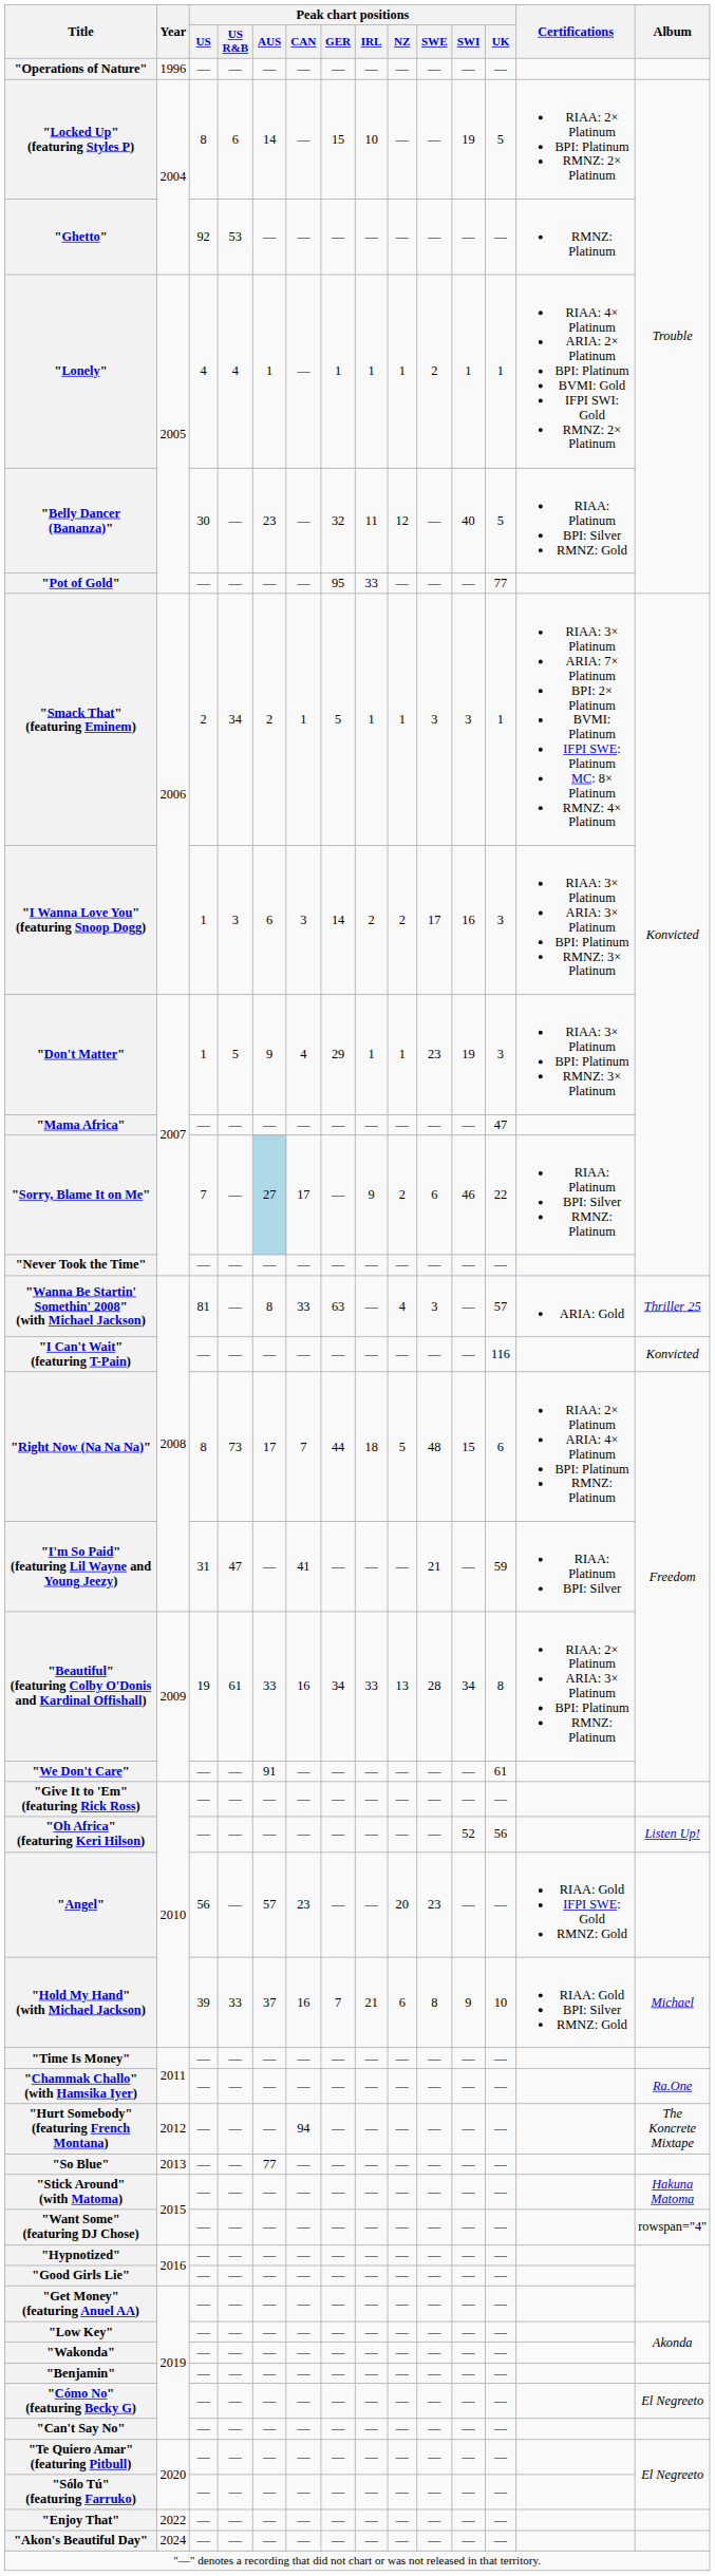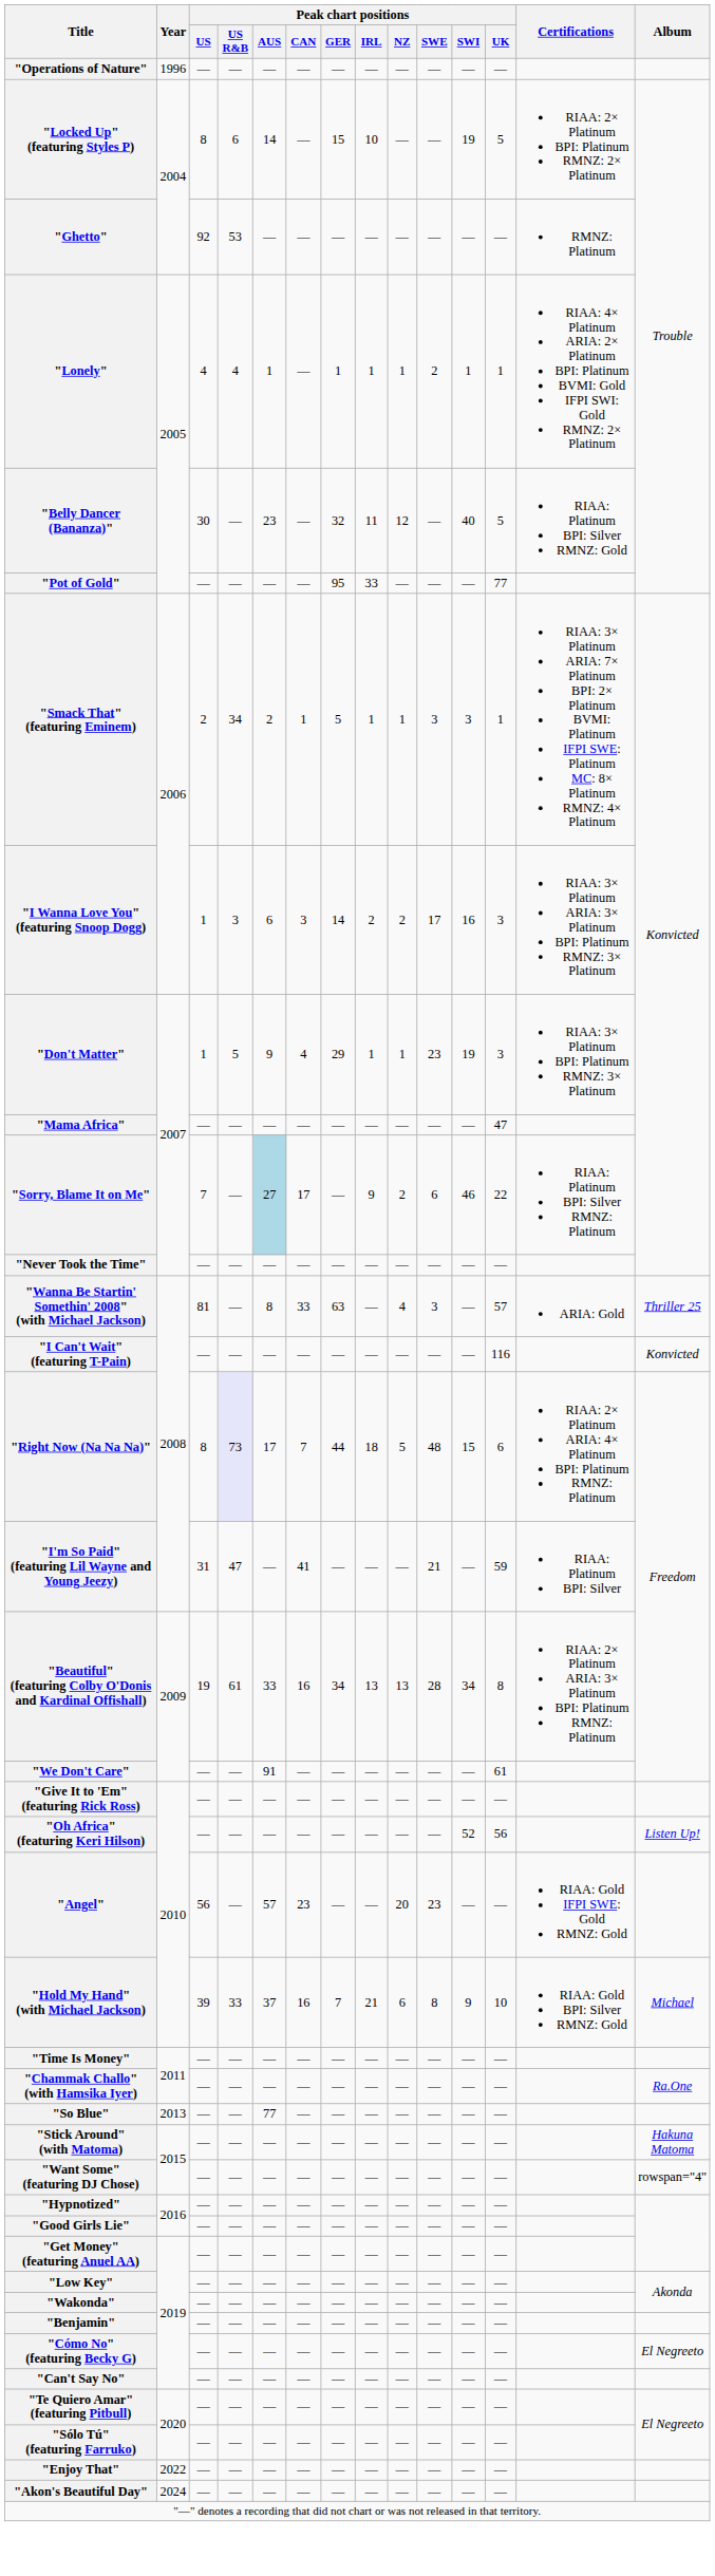 <table class="wikitable plainrowheaders" style="text-align:center;">
 <tr>
 <th scope="col" rowspan="2" style="width:18em;">Title</th>
 <th scope="col" rowspan="2">Year</th>
 <th scope="col" colspan="10">Peak chart positions</th>
 <th scope="col" rowspan="2" style="width:12em;"><a href='#'>Certifications</a></th>
 <th scope="col" rowspan="2">Album</th>
 </tr>
 <tr>
 <th scope="col" style="width:2.9em;font-size:90%;"><a href='#'>US</a><br></th>
 <th scope="col" style="width:2.9em;font-size:90%;"><a href='#'>US<br>R&B</a><br></th>
 <th scope="col" style="width:2.9em;font-size:90%;"><a href='#'>AUS</a><br></th>
 <th scope="col" style="width:2.9em;font-size:90%;"><a href='#'>CAN</a><br></th>
 <th scope="col" style="width:2.9em;font-size:90%;"><a href='#'>GER</a><br></th>
 <th scope="col" style="width:2.9em;font-size:90%;"><a href='#'>IRL</a><br></th>
 <th scope="col" style="width:2.9em;font-size:90%;"><a href='#'>NZ</a><br></th>
 <th scope="col" style="width:2.9em;font-size:90%;"><a href='#'>SWE</a><br></th>
 <th scope="col" style="width:2.9em;font-size:90%;"><a href='#'>SWI</a><br></th>
 <th scope="col" style="width:2.9em;font-size:90%;"><a href='#'>UK</a><br></th>
 </tr>
 <tr>
 <th scope="row">"Operations of Nature"<br></th>
 <td>1996</td>
 <td>—</td>
 <td>—</td>
 <td>—</td>
 <td>—</td>
 <td>—</td>
 <td>—</td>
 <td>—</td>
 <td>—</td>
 <td>—</td>
 <td>—</td>
 <td></td>
 <td></td>
 </tr>
 <tr>
 <th scope="row">"<a href='#'>Locked Up</a>"<br><span>(featuring <a href='#'>Styles P</a>)</span></th>
 <td rowspan="2">2004</td>
 <td>8</td>
 <td>6</td>
 <td>14</td>
 <td>—</td>
 <td>15</td>
 <td>10</td>
 <td>—</td>
 <td>—</td>
 <td>19</td>
 <td>5</td>
 <td><br><ul><li>RIAA: 2× Platinum</li><li>BPI: Platinum</li><li>RMNZ: 2× Platinum</li></ul></td>
 <td rowspan="5"><em>Trouble</em></td>
 </tr>
 <tr>
 <th scope="row">"<a href='#'>Ghetto</a>"</th>
 <td>92</td>
 <td>53</td>
 <td>—</td>
 <td>—</td>
 <td>—</td>
 <td>—</td>
 <td>—</td>
 <td>—</td>
 <td>—</td>
 <td>—</td>
 <td><br><ul><li>RMNZ: Platinum</li></ul></td>
 </tr>
 <tr>
 <th scope="row">"<a href='#'>Lonely</a>"</th>
 <td rowspan="3">2005</td>
 <td>4</td>
 <td>4</td>
 <td>1</td>
 <td>—</td>
 <td>1</td>
 <td>1</td>
 <td>1</td>
 <td>2</td>
 <td>1</td>
 <td>1</td>
 <td><br><ul><li>RIAA: 4× Platinum</li><li>ARIA: 2× Platinum</li><li>BPI: Platinum</li><li>BVMI: Gold</li><li>IFPI SWI: Gold</li><li>RMNZ: 2× Platinum</li></ul></td>
 </tr>
 <tr>
 <th scope="row">"<a href='#'>Belly Dancer (Bananza)</a>"</th>
 <td>30</td>
 <td>—</td>
 <td>23</td>
 <td>—</td>
 <td>32</td>
 <td>11</td>
 <td>12</td>
 <td>—</td>
 <td>40</td>
 <td>5</td>
 <td><br><ul><li>RIAA: Platinum</li><li>BPI: Silver</li><li>RMNZ: Gold</li></ul></td>
 </tr>
 <tr>
 <th scope="row">"<a href='#'>Pot of Gold</a>"</th>
 <td>—</td>
 <td>—</td>
 <td>—</td>
 <td>—</td>
 <td>95</td>
 <td>33</td>
 <td>—</td>
 <td>—</td>
 <td>—</td>
 <td>77</td>
 <td></td>
 </tr>
 <tr>
 <th scope="row">"<a href='#'>Smack That</a>"<br><span>(featuring <a href='#'>Eminem</a>)</span></th>
 <td rowspan="2">2006</td>
 <td>2</td>
 <td>34</td>
 <td>2</td>
 <td>1</td>
 <td>5</td>
 <td>1</td>
 <td>1</td>
 <td>3</td>
 <td>3</td>
 <td>1</td>
 <td><br><ul><li>RIAA: 3× Platinum</li><li>ARIA: 7× Platinum</li><li>BPI: 2× Platinum</li><li>BVMI: Platinum</li><li><a href='#'>IFPI SWE</a>: Platinum</li><li><a href='#'>MC</a>: 8× Platinum</li><li>RMNZ: 4× Platinum</li></ul></td>
 <td rowspan="6"><em>Konvicted</em></td>
 </tr>
 <tr>
 <th scope="row">"<a href='#'>I Wanna Love You</a>"<br><span>(featuring <a href='#'>Snoop Dogg</a>)</span></th>
 <td>1</td>
 <td>3</td>
 <td>6</td>
 <td>3</td>
 <td>14</td>
 <td>2</td>
 <td>2</td>
 <td>17</td>
 <td>16</td>
 <td>3</td>
 <td><br><ul><li>RIAA: 3× Platinum</li><li>ARIA: 3× Platinum</li><li>BPI: Platinum</li><li>RMNZ: 3× Platinum</li></ul></td>
 </tr>
 <tr>
 <th scope="row">"<a href='#'>Don't Matter</a>"</th>
 <td rowspan="4">2007</td>
 <td>1</td>
 <td>5</td>
 <td>9</td>
 <td>4</td>
 <td>29</td>
 <td>1</td>
 <td>1</td>
 <td>23</td>
 <td>19</td>
 <td>3</td>
 <td><br><ul><li>RIAA: 3× Platinum</li><li>BPI: Platinum</li><li>RMNZ: 3× Platinum</li></ul></td>
 </tr>
 <tr>
 <th scope="row">"<a href='#'>Mama Africa</a>"</th>
 <td>—</td>
 <td>—</td>
 <td>—</td>
 <td>—</td>
 <td>—</td>
 <td>—</td>
 <td>—</td>
 <td>—</td>
 <td>—</td>
 <td>47</td>
 <td></td>
 </tr>
 <tr>
 <th scope="row">"<a href='#'>Sorry, Blame It on Me</a>"</th>
 <td>7</td>
 <td>—</td>
 <td style="background: lightblue;">27</td>
 <td>17</td>
 <td>—</td>
 <td>9</td>
 <td>2</td>
 <td>6</td>
 <td>46</td>
 <td>22</td>
 <td><br><ul><li>RIAA: Platinum</li><li>BPI: Silver</li><li>RMNZ: Platinum</li></ul></td>
 </tr>
 <tr>
 <th scope="row">"Never Took the Time"</th>
 <td>—</td>
 <td>—</td>
 <td>—</td>
 <td>—</td>
 <td>—</td>
 <td>—</td>
 <td>—</td>
 <td>—</td>
 <td>—</td>
 <td>—</td>
 <td></td>
 </tr>
 <tr>
 <th scope="row">"<a href='#'>Wanna Be Startin' Somethin' 2008</a>"<br><span>(with <a href='#'>Michael Jackson</a>)</span></th>
 <td rowspan="4">2008</td>
 <td>81</td>
 <td>—</td>
 <td>8</td>
 <td>33</td>
 <td>63</td>
 <td>—</td>
 <td>4</td>
 <td>3</td>
 <td>—</td>
 <td>57</td>
 <td><br><ul><li>ARIA: Gold</li></ul></td>
 <td><em><a href='#'>Thriller 25</a></em></td>
 </tr>
 <tr>
 <th scope="row">"<a href='#'>I Can't Wait</a>"<br><span>(featuring <a href='#'>T-Pain</a>)</span></th>
 <td>—</td>
 <td>—</td>
 <td>—</td>
 <td>—</td>
 <td>—</td>
 <td>—</td>
 <td>—</td>
 <td>—</td>
 <td>—</td>
 <td>116</td>
 <td></td>
 <td><em>Konvicted</em></td>
 </tr>
 <tr>
 <th scope="row">"<a href='#'>Right Now (Na Na Na)</a>"</th>
 <td>8</td>
-<td>73</td>
+<td style="background: lavender;">73</td>
 <td>17</td>
 <td>7</td>
 <td>44</td>
 <td>18</td>
 <td>5</td>
 <td>48</td>
 <td>15</td>
 <td>6</td>
 <td><br><ul><li>RIAA: 2× Platinum</li><li>ARIA: 4× Platinum</li><li>BPI: Platinum</li><li>RMNZ: Platinum</li></ul></td>
 <td rowspan="4"><em>Freedom</em></td>
 </tr>
 <tr>
 <th scope="row">"<a href='#'>I'm So Paid</a>"<br><span>(featuring <a href='#'>Lil Wayne</a> and <a href='#'>Young Jeezy</a>)</span></th>
 <td>31</td>
 <td>47</td>
 <td>—</td>
 <td>41</td>
 <td>—</td>
 <td>—</td>
 <td>—</td>
 <td>21</td>
 <td>—</td>
 <td>59</td>
 <td><br><ul><li>RIAA: Platinum</li><li>BPI: Silver</li></ul></td>
 </tr>
 <tr>
 <th scope="row">"<a href='#'>Beautiful</a>"<br><span>(featuring <a href='#'>Colby O'Donis</a> and <a href='#'>Kardinal Offishall</a>)</span></th>
 <td rowspan="2">2009</td>
 <td>19</td>
 <td>61</td>
 <td>33</td>
 <td>16</td>
 <td>34</td>
-<td>33</td>
+<td>13</td>
 <td>13</td>
 <td>28</td>
 <td>34</td>
 <td>8</td>
 <td><br><ul><li>RIAA: 2× Platinum</li><li>ARIA: 3× Platinum</li><li>BPI: Platinum</li><li>RMNZ: Platinum</li></ul></td>
 </tr>
 <tr>
 <th scope="row">"<a href='#'>We Don't Care</a>"</th>
 <td>—</td>
 <td>—</td>
 <td>91</td>
 <td>—</td>
 <td>—</td>
 <td>—</td>
 <td>—</td>
 <td>—</td>
 <td>—</td>
 <td>61</td>
 </tr>
 <tr>
 <th scope="row">"Give It to 'Em"<br><span>(featuring <a href='#'>Rick Ross</a>)</span></th>
 <td rowspan="4">2010</td>
 <td>—</td>
 <td>—</td>
 <td>—</td>
 <td>—</td>
 <td>—</td>
 <td>—</td>
 <td>—</td>
 <td>—</td>
 <td>—</td>
 <td>—</td>
 <td></td>
 <td></td>
 </tr>
 <tr>
 <th scope="row">"<a href='#'>Oh Africa</a>"<br><span>(featuring <a href='#'>Keri Hilson</a>)</span></th>
 <td>—</td>
 <td>—</td>
 <td>—</td>
 <td>—</td>
 <td>—</td>
 <td>—</td>
 <td>—</td>
 <td>—</td>
 <td>52</td>
 <td>56</td>
 <td></td>
 <td><em><a href='#'>Listen Up!</a></em></td>
 </tr>
 <tr>
 <th scope="row">"<a href='#'>Angel</a>"</th>
 <td>56</td>
 <td>—</td>
 <td>57</td>
 <td>23</td>
 <td>—</td>
 <td>—</td>
 <td>20</td>
 <td>23</td>
 <td>—</td>
 <td>—</td>
 <td><br><ul><li>RIAA: Gold</li><li><a href='#'>IFPI SWE</a>: Gold</li><li>RMNZ: Gold</li></ul></td>
 <td></td>
 </tr>
 <tr>
 <th scope="row">"<a href='#'>Hold My Hand</a>"<br><span>(with <a href='#'>Michael Jackson</a>)</span></th>
 <td>39</td>
 <td>33</td>
 <td>37</td>
 <td>16</td>
 <td>7</td>
 <td>21</td>
 <td>6</td>
 <td>8</td>
 <td>9</td>
 <td>10</td>
 <td><br><ul><li>RIAA: Gold</li><li>BPI: Silver</li><li>RMNZ: Gold</li></ul></td>
 <td><em><a href='#'>Michael</a></em></td>
 </tr>
 <tr>
 <th scope="row">"Time Is Money"</th>
 <td rowspan="2">2011</td>
 <td>—</td>
 <td>—</td>
 <td>—</td>
 <td>—</td>
 <td>—</td>
 <td>—</td>
 <td>—</td>
 <td>—</td>
 <td>—</td>
 <td>—</td>
 <td></td>
 <td></td>
 </tr>
 <tr>
 <th scope="row">"<a href='#'>Chammak Challo</a>"<br><span>(with <a href='#'>Hamsika Iyer</a>)</span></th>
 <td>—</td>
 <td>—</td>
 <td>—</td>
 <td>—</td>
 <td>—</td>
 <td>—</td>
 <td>—</td>
 <td>—</td>
 <td>—</td>
 <td>—</td>
 <td></td>
 <td><em><a href='#'>Ra.One</a></em></td>
-</tr>
-<tr>
-<th scope="row">"Hurt Somebody"<br><span>(featuring <a href='#'>French Montana</a>)</span></th>
-<td>2012</td>
-<td>—</td>
-<td>—</td>
-<td>—</td>
-<td>94</td>
-<td>—</td>
-<td>—</td>
-<td>—</td>
-<td>—</td>
-<td>—</td>
-<td>—</td>
-<td></td>
-<td><em>The Koncrete Mixtape</em></td>
 </tr>
 <tr>
 <th scope="row">"So Blue"</th>
 <td>2013</td>
 <td>—</td>
 <td>—</td>
 <td>77</td>
 <td>—</td>
 <td>—</td>
 <td>—</td>
 <td>—</td>
 <td>—</td>
 <td>—</td>
 <td>—</td>
 <td></td>
 <td></td>
 </tr>
 <tr>
 <th scope="row">"Stick Around"<br><span>(with <a href='#'>Matoma</a>)</span></th>
 <td rowspan="2">2015</td>
 <td>—</td>
 <td>—</td>
 <td>—</td>
 <td>—</td>
 <td>—</td>
 <td>—</td>
 <td>—</td>
 <td>—</td>
 <td>—</td>
 <td>—</td>
 <td></td>
 <td><em><a href='#'>Hakuna Matoma</a></em></td>
 </tr>
 <tr>
 <th scope="row">"Want Some"<br><span>(featuring DJ Chose)</span></th>
 <td>—</td>
 <td>—</td>
 <td>—</td>
 <td>—</td>
 <td>—</td>
 <td>—</td>
 <td>—</td>
 <td>—</td>
 <td>—</td>
 <td>—</td>
 <td></td>
 <td>rowspan="4" </td>
 </tr>
 <tr>
 <th scope="row">"Hypnotized"</th>
 <td rowspan="2">2016</td>
 <td>—</td>
 <td>—</td>
 <td>—</td>
 <td>—</td>
 <td>—</td>
 <td>—</td>
 <td>—</td>
 <td>—</td>
 <td>—</td>
 <td>—</td>
 <td></td>
 </tr>
 <tr>
 <th scope="row">"Good Girls Lie"</th>
 <td>—</td>
 <td>—</td>
 <td>—</td>
 <td>—</td>
 <td>—</td>
 <td>—</td>
 <td>—</td>
 <td>—</td>
 <td>—</td>
 <td>—</td>
 <td></td>
 </tr>
 <tr>
 <th scope="row">"Get Money"<br><span>(featuring <a href='#'>Anuel AA</a>)</span></th>
 <td rowspan="6">2019</td>
 <td>—</td>
 <td>—</td>
 <td>—</td>
 <td>—</td>
 <td>—</td>
 <td>—</td>
 <td>—</td>
 <td>—</td>
 <td>—</td>
 <td>—</td>
 <td></td>
 </tr>
 <tr>
 <th scope="row">"Low Key"</th>
 <td>—</td>
 <td>—</td>
 <td>—</td>
 <td>—</td>
 <td>—</td>
 <td>—</td>
 <td>—</td>
 <td>—</td>
 <td>—</td>
 <td>—</td>
 <td></td>
 <td rowspan="2"><em>Akonda</em></td>
 </tr>
 <tr>
 <th scope="row">"Wakonda"</th>
 <td>—</td>
 <td>—</td>
 <td>—</td>
 <td>—</td>
 <td>—</td>
 <td>—</td>
 <td>—</td>
 <td>—</td>
 <td>—</td>
 <td>—</td>
 <td></td>
 </tr>
 <tr>
 <th scope="row">"Benjamin"</th>
 <td>—</td>
 <td>—</td>
 <td>—</td>
 <td>—</td>
 <td>—</td>
 <td>—</td>
 <td>—</td>
 <td>—</td>
 <td>—</td>
 <td>—</td>
 <td></td>
 <td></td>
 </tr>
 <tr>
 <th scope="row">"<a href='#'>Cómo No</a>"<br><span>(featuring <a href='#'>Becky G</a>)</span></th>
 <td>—</td>
 <td>—</td>
 <td>—</td>
 <td>—</td>
 <td>—</td>
 <td>—</td>
 <td>—</td>
 <td>—</td>
 <td>—</td>
 <td>—</td>
 <td></td>
 <td><em>El Negreeto</em></td>
 </tr>
 <tr>
 <th scope="row">"Can't Say No"</th>
 <td>—</td>
 <td>—</td>
 <td>—</td>
 <td>—</td>
 <td>—</td>
 <td>—</td>
 <td>—</td>
 <td>—</td>
 <td>—</td>
 <td>—</td>
 <td></td>
 <td></td>
 </tr>
 <tr>
 <th scope="row">"Te Quiero Amar"<br><span>(featuring <a href='#'>Pitbull</a>)</span></th>
 <td rowspan="2">2020</td>
 <td>—</td>
 <td>—</td>
 <td>—</td>
 <td>—</td>
 <td>—</td>
 <td>—</td>
 <td>—</td>
 <td>—</td>
 <td>—</td>
 <td>—</td>
 <td></td>
 <td rowspan="2"><em>El Negreeto</em></td>
 </tr>
 <tr>
 <th scope="row">"Sólo Tú"<br><span>(featuring <a href='#'>Farruko</a>)</span></th>
 <td>—</td>
 <td>—</td>
 <td>—</td>
 <td>—</td>
 <td>—</td>
 <td>—</td>
 <td>—</td>
 <td>—</td>
 <td>—</td>
 <td>—</td>
 <td></td>
 </tr>
 <tr>
 <th scope="row">"Enjoy That"</th>
 <td>2022</td>
 <td>—</td>
 <td>—</td>
 <td>—</td>
 <td>—</td>
 <td>—</td>
 <td>—</td>
 <td>—</td>
 <td>—</td>
 <td>—</td>
 <td>—</td>
 <td></td>
 <td></td>
 </tr>
 <tr>
 <th scope="row">"Akon's Beautiful Day"</th>
 <td>2024</td>
 <td>—</td>
 <td>—</td>
 <td>—</td>
 <td>—</td>
 <td>—</td>
 <td>—</td>
 <td>—</td>
 <td>—</td>
 <td>—</td>
 <td>—</td>
 <td></td>
 <td></td>
 </tr>
 <tr>
 <td colspan="14" style="font-size:90%">"—" denotes a recording that did not chart or was not released in that territory.</td>
 </tr>
 </table>
